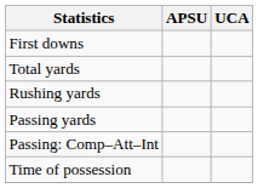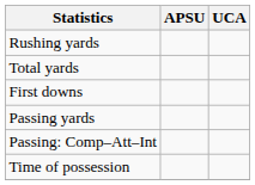 <table class="wikitable" style="float: left;">
 <tr>
 <th>Statistics</th>
 <th>APSU</th>
 <th>UCA</th>
 </tr>
 <tr>
-<td>First downs</td>
+<td>Rushing yards</td>
 <td></td>
 <td></td>
 </tr>
 <tr>
 <td>Total yards</td>
 <td></td>
 <td></td>
 </tr>
 <tr>
-<td>Rushing yards</td>
+<td>First downs</td>
 <td></td>
 <td></td>
 </tr>
 <tr>
 <td>Passing yards</td>
 <td></td>
 <td></td>
 </tr>
 <tr>
 <td>Passing: Comp–Att–Int</td>
 <td></td>
 <td></td>
 </tr>
 <tr>
 <td>Time of possession</td>
 <td></td>
 <td></td>
 </tr>
 <tr>
 </tr>
 </table>
